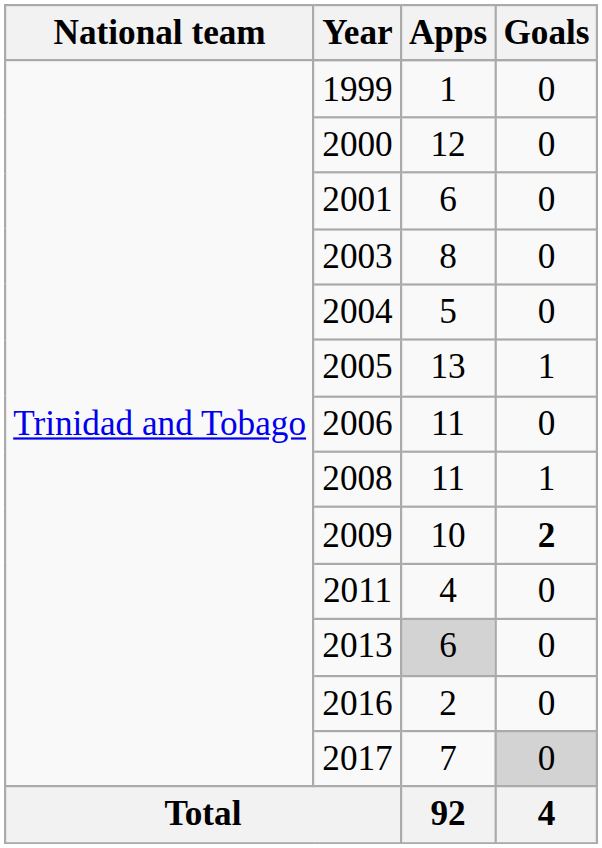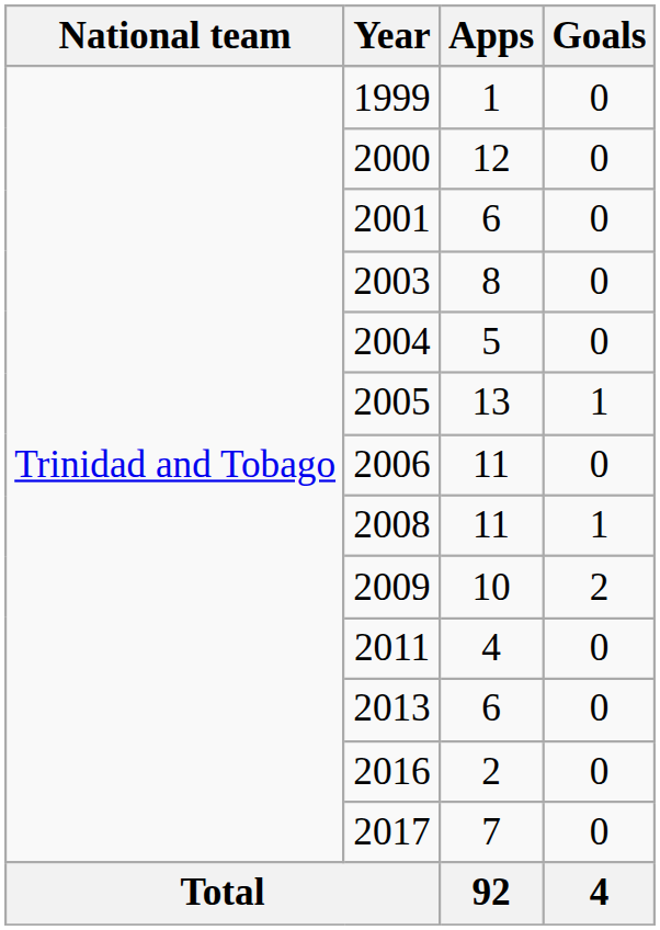 <table class="wikitable" style="text-align:center">
 <tr>
 <th>National team</th>
 <th>Year</th>
 <th>Apps</th>
 <th>Goals</th>
 </tr>
 <tr>
 <td rowspan=14><a href='#'>Trinidad and Tobago</a></td>
 </tr>
 <tr>
 <td>1999</td>
 <td>1</td>
 <td>0</td>
 </tr>
 <tr>
 <td>2000</td>
 <td>12</td>
 <td>0</td>
 </tr>
 <tr>
 <td>2001</td>
 <td>6</td>
 <td>0</td>
 </tr>
 <tr>
 <td>2003</td>
 <td>8</td>
 <td>0</td>
 </tr>
 <tr>
 <td>2004</td>
 <td>5</td>
 <td>0</td>
 </tr>
 <tr>
 <td>2005</td>
 <td>13</td>
 <td>1</td>
 </tr>
 <tr>
 <td>2006</td>
 <td>11</td>
 <td>0</td>
 </tr>
 <tr>
 <td>2008</td>
 <td>11</td>
 <td>1</td>
 </tr>
 <tr>
 <td>2009</td>
 <td>10</td>
-<td><strong>2</strong></td>
+<td>2</td>
 </tr>
 <tr>
 <td>2011</td>
 <td>4</td>
 <td>0</td>
 </tr>
 <tr>
 <td>2013</td>
-<td style="background: lightgrey;">6</td>
+<td>6</td>
 <td>0</td>
 </tr>
 <tr>
 <td>2016</td>
 <td>2</td>
 <td>0</td>
 </tr>
 <tr>
 <td>2017</td>
 <td>7</td>
-<td style="background: lightgrey;">0</td>
+<td>0</td>
 </tr>
 <tr>
 <th colspan="2">Total</th>
 <th>92</th>
 <th>4</th>
 </tr>
 </table>
